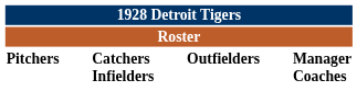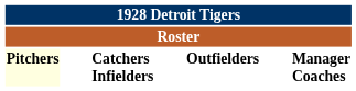 <table class="toccolours" style="font-size: 95%;">
 <tr>
 <th colspan="10" style="background-color: #003366; color: white; text-align: center;">1928 Detroit Tigers</th>
 </tr>
 <tr>
 <td colspan="10" style="background-color: #bd5d29; color: white; text-align: center;"><strong>Roster</strong></td>
 </tr>
 <tr>
-<td valign="top"><strong>Pitchers</strong><br>          </td>
+<td valign="top" style="background: lightyellow;"><strong>Pitchers</strong><br>          </td>
 <td width="25px"></td>
 <td valign="top"><strong>Catchers</strong><br>   <strong>Infielders</strong>       </td>
 <td width="25px"></td>
 <td valign="top"><strong>Outfielders</strong><br>     </td>
 <td width="25px"></td>
 <td valign="top"><strong>Manager</strong><br> <strong>Coaches</strong>   </td>
 </tr>
 </table>
